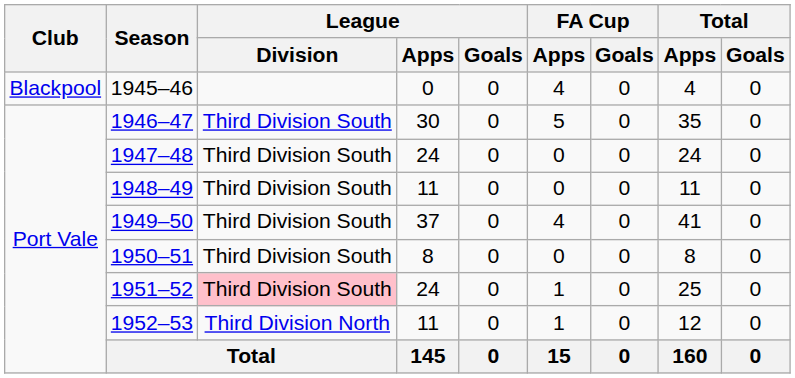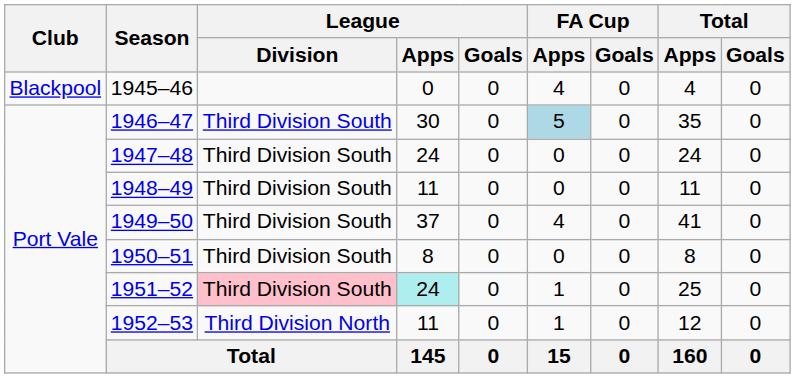 <table class="wikitable" style="text-align: center;">
 <tr>
 <th rowspan="2">Club</th>
 <th rowspan="2">Season</th>
 <th colspan="3">League</th>
 <th colspan="2">FA Cup</th>
 <th colspan="2">Total</th>
 </tr>
 <tr>
 <th>Division</th>
 <th>Apps</th>
 <th>Goals</th>
 <th>Apps</th>
 <th>Goals</th>
 <th>Apps</th>
 <th>Goals</th>
 </tr>
 <tr>
 <td><a href='#'>Blackpool</a></td>
 <td>1945–46</td>
 <td></td>
 <td>0</td>
 <td>0</td>
 <td>4</td>
 <td>0</td>
 <td>4</td>
 <td>0</td>
 </tr>
 <tr>
 <td rowspan="8"><a href='#'>Port Vale</a></td>
 <td><a href='#'>1946–47</a></td>
 <td><a href='#'>Third Division South</a></td>
 <td>30</td>
 <td>0</td>
-<td>5</td>
+<td style="background: lightblue;">5</td>
 <td>0</td>
 <td>35</td>
 <td>0</td>
 </tr>
 <tr>
 <td><a href='#'>1947–48</a></td>
 <td>Third Division South</td>
 <td>24</td>
 <td>0</td>
 <td>0</td>
 <td>0</td>
 <td>24</td>
 <td>0</td>
 </tr>
 <tr>
 <td><a href='#'>1948–49</a></td>
 <td>Third Division South</td>
 <td>11</td>
 <td>0</td>
 <td>0</td>
 <td>0</td>
 <td>11</td>
 <td>0</td>
 </tr>
 <tr>
 <td><a href='#'>1949–50</a></td>
 <td>Third Division South</td>
 <td>37</td>
 <td>0</td>
 <td>4</td>
 <td>0</td>
 <td>41</td>
 <td>0</td>
 </tr>
 <tr>
 <td><a href='#'>1950–51</a></td>
 <td>Third Division South</td>
 <td>8</td>
 <td>0</td>
 <td>0</td>
 <td>0</td>
 <td>8</td>
 <td>0</td>
 </tr>
 <tr>
 <td><a href='#'>1951–52</a></td>
 <td style="background: pink;">Third Division South</td>
-<td>24</td>
+<td style="background: paleturquoise;">24</td>
 <td>0</td>
 <td>1</td>
 <td>0</td>
 <td>25</td>
 <td>0</td>
 </tr>
 <tr>
 <td><a href='#'>1952–53</a></td>
 <td><a href='#'>Third Division North</a></td>
 <td>11</td>
 <td>0</td>
 <td>1</td>
 <td>0</td>
 <td>12</td>
 <td>0</td>
 </tr>
 <tr>
 <th colspan="2">Total</th>
 <th>145</th>
 <th>0</th>
 <th>15</th>
 <th>0</th>
 <th>160</th>
 <th>0</th>
 </tr>
 </table>
